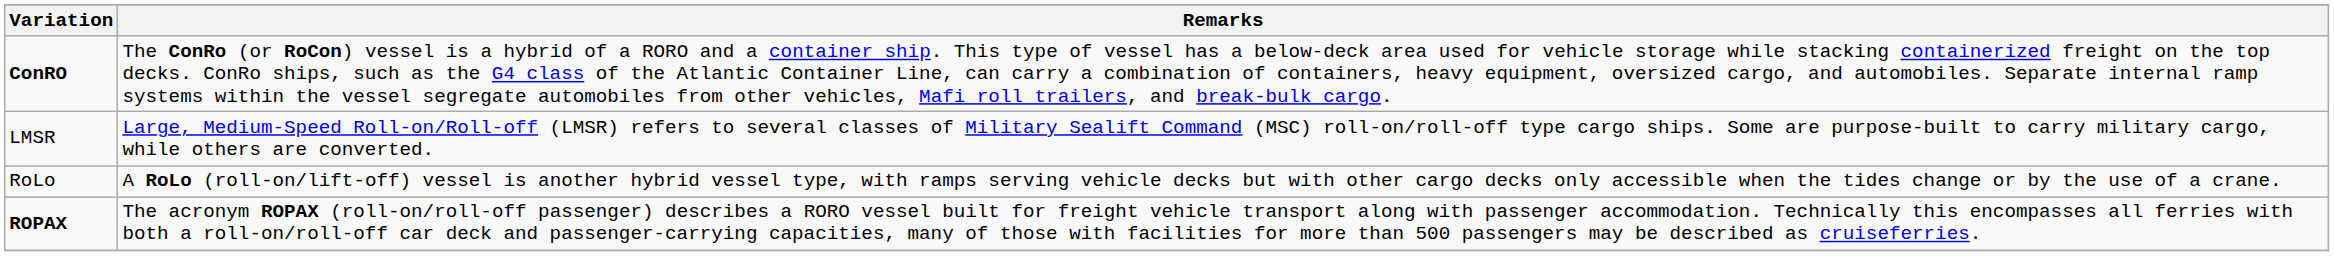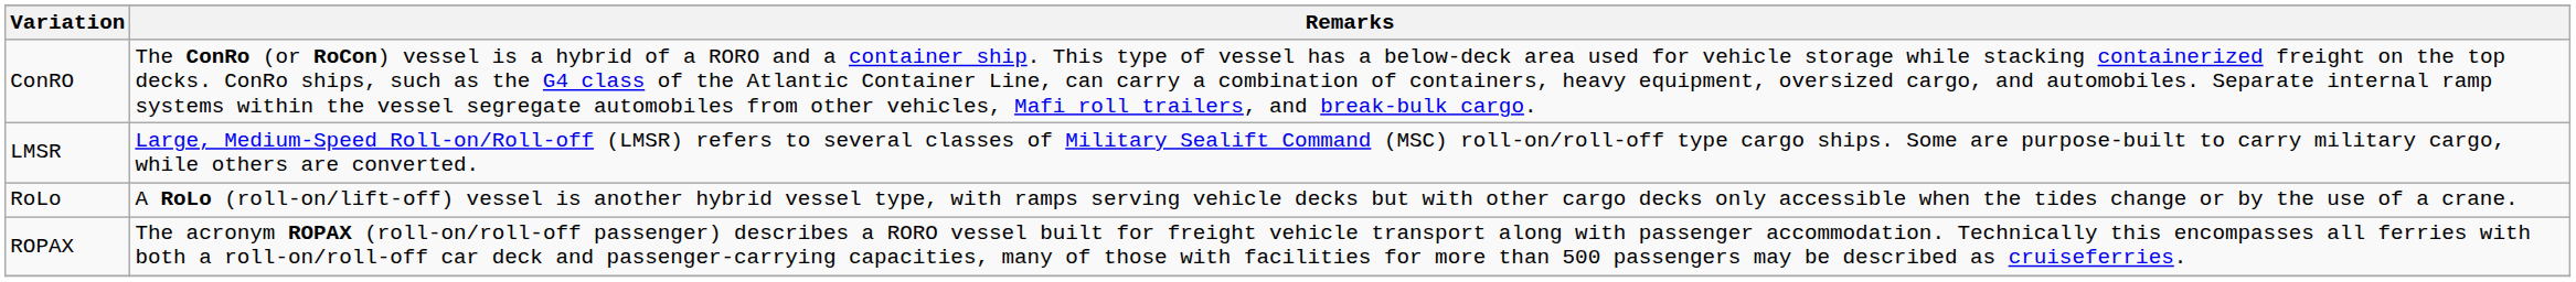 <table class="wikitable sortable">
 <tr>
 </tr>
 <tr>
 <th>Variation</th>
 <th>Remarks</th>
 </tr>
 <tr>
-<td><strong>ConRO</strong></td>
+<td>ConRO</td>
 <td>The <strong>ConRo</strong> (or <strong>RoCon</strong>) vessel is a hybrid of a RORO and a <a href='#'>container ship</a>. This type of vessel has a below-deck area used for vehicle storage while stacking  <a href='#'>containerized</a> freight on the top decks. ConRo ships, such as the <a href='#'>G4 class</a> of the Atlantic Container Line, can carry a combination of containers, heavy equipment, oversized cargo, and automobiles. Separate internal ramp systems within the vessel segregate automobiles from other vehicles, <a href='#'>Mafi roll trailers</a>, and <a href='#'>break-bulk cargo</a>.</td>
 </tr>
 <tr>
 <td>LMSR</td>
 <td><a href='#'>Large, Medium-Speed Roll-on/Roll-off</a> (LMSR) refers to several classes of <a href='#'>Military Sealift Command</a> (MSC) roll-on/roll-off type cargo ships. Some are purpose-built to carry military cargo, while others are converted.</td>
 </tr>
 <tr>
 <td>RoLo</td>
 <td>A <strong>RoLo</strong> (roll-on/lift-off) vessel is another hybrid vessel type, with ramps serving vehicle decks but with other cargo decks only accessible when the tides change or by the use of a crane.</td>
 </tr>
 <tr>
-<td><strong>ROPAX</strong></td>
+<td>ROPAX</td>
 <td>The acronym <strong>ROPAX</strong> (roll-on/roll-off passenger) describes a RORO vessel built for freight vehicle transport along with passenger accommodation. Technically this encompasses all ferries with both a roll-on/roll-off car deck and passenger-carrying capacities, many of those with facilities for more than 500 passengers may be described as <a href='#'>cruiseferries</a>.</td>
 </tr>
 <tr>
 </tr>
 </table>
